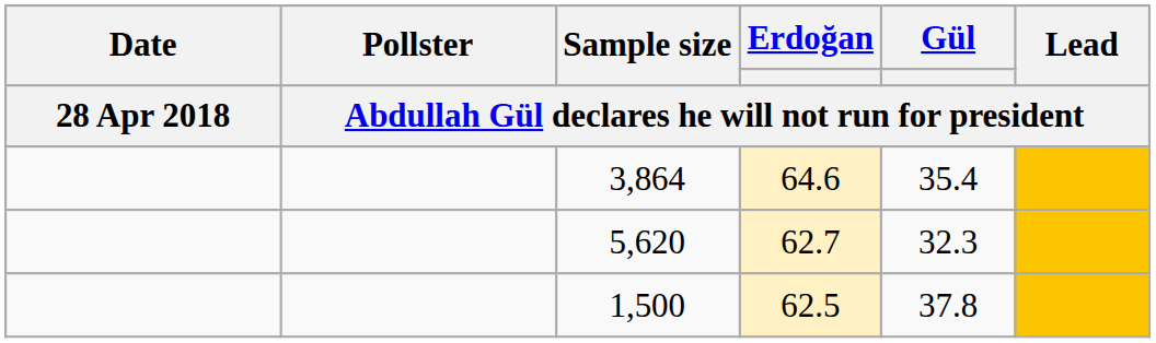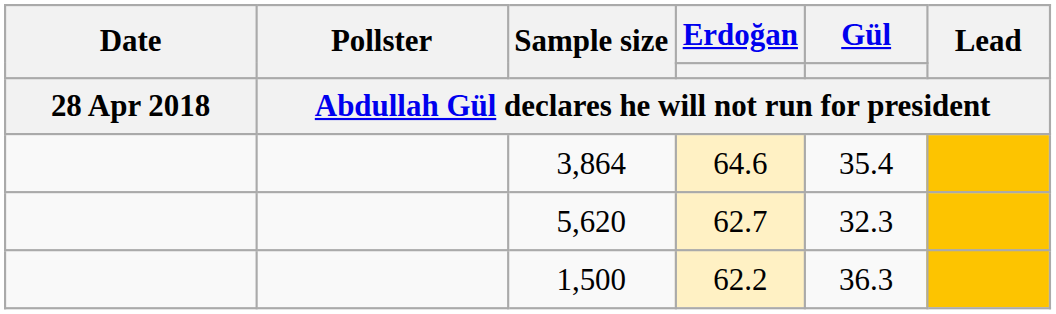 <table class="wikitable" style="text-align:center; font-size:90%; line-height:20px;">
 <tr>
 <th rowspan=2 width="110px">Date</th>
 <th rowspan=2 width="110px">Pollster</th>
 <th rowspan=2 width="50px">Sample size</th>
 <th width=50><a href='#'>Erdoğan</a></th>
 <th width=50><a href='#'>Gül</a></th>
 <th width=50 rowspan=2>Lead</th>
 </tr>
 <tr>
 <th style="background: "></th>
 <th style="background: "></th>
 </tr>
 <tr>
 <th>28 Apr 2018</th>
 <th colspan="22"><a href='#'>Abdullah Gül</a> declares he will not run for president</th>
 </tr>
 <tr>
 <td></td>
 <td></td>
 <td>3,864</td>
 <td style="background: #FFF1C4">64.6</td>
 <td>35.4</td>
 <td style="background: #FDC400"></td>
 </tr>
 <tr>
 <td></td>
 <td></td>
 <td>5,620</td>
 <td style="background: #FFF1C4">62.7</td>
 <td>32.3</td>
 <td style="background: #FDC400"></td>
 </tr>
 <tr>
 <td></td>
 <td></td>
 <td>1,500</td>
-<td style="background: #FFF1C4">62.5</td>
-<td>37.8</td>
+<td style="background: #FFF1C4">62.2</td>
+<td>36.3</td>
 <td style="background: #FDC400"></td>
 </tr>
 </table>
